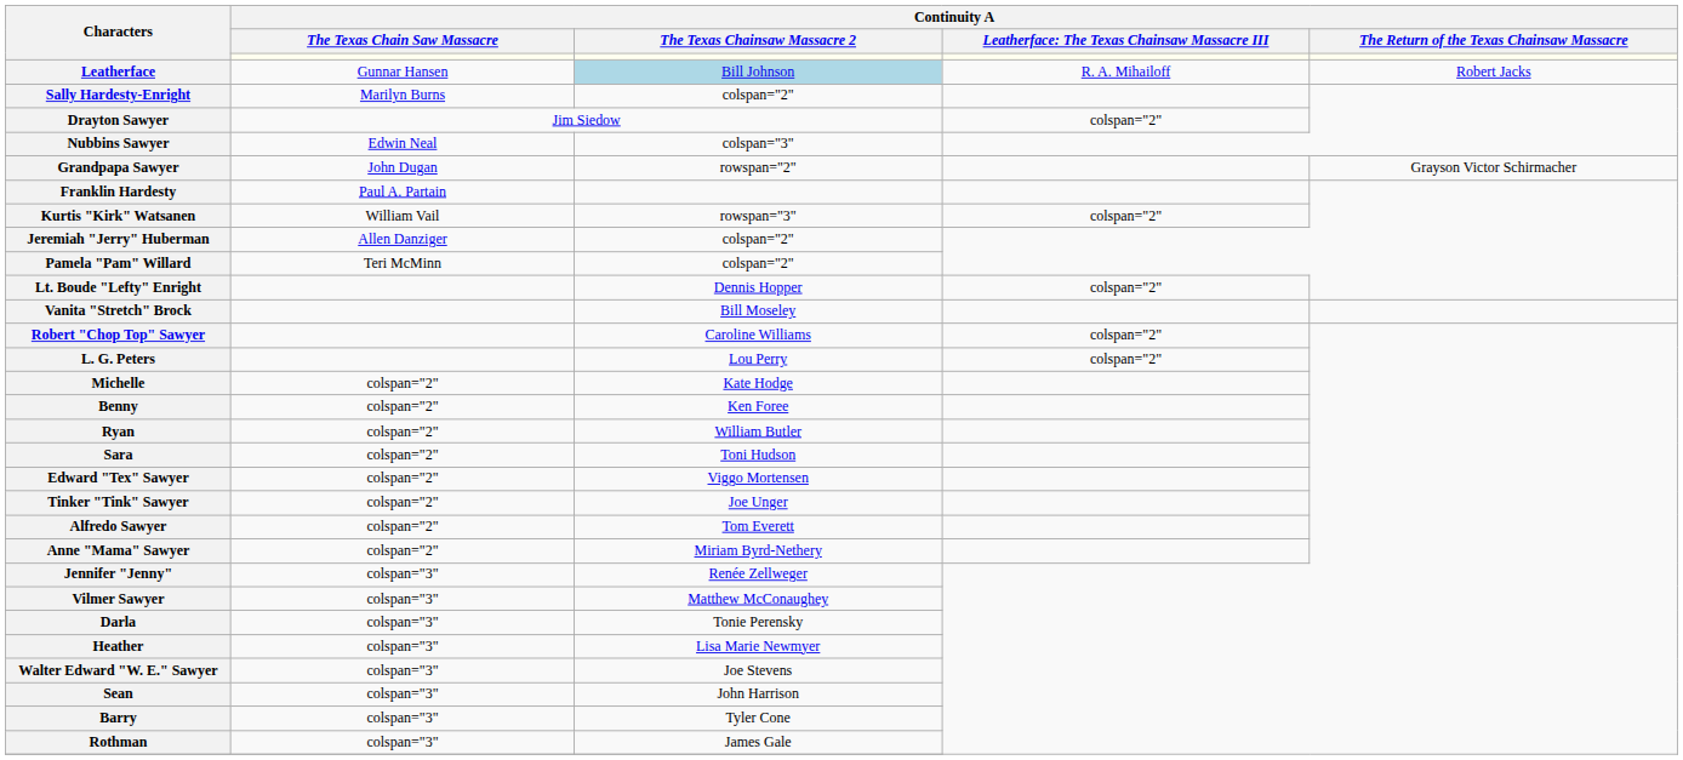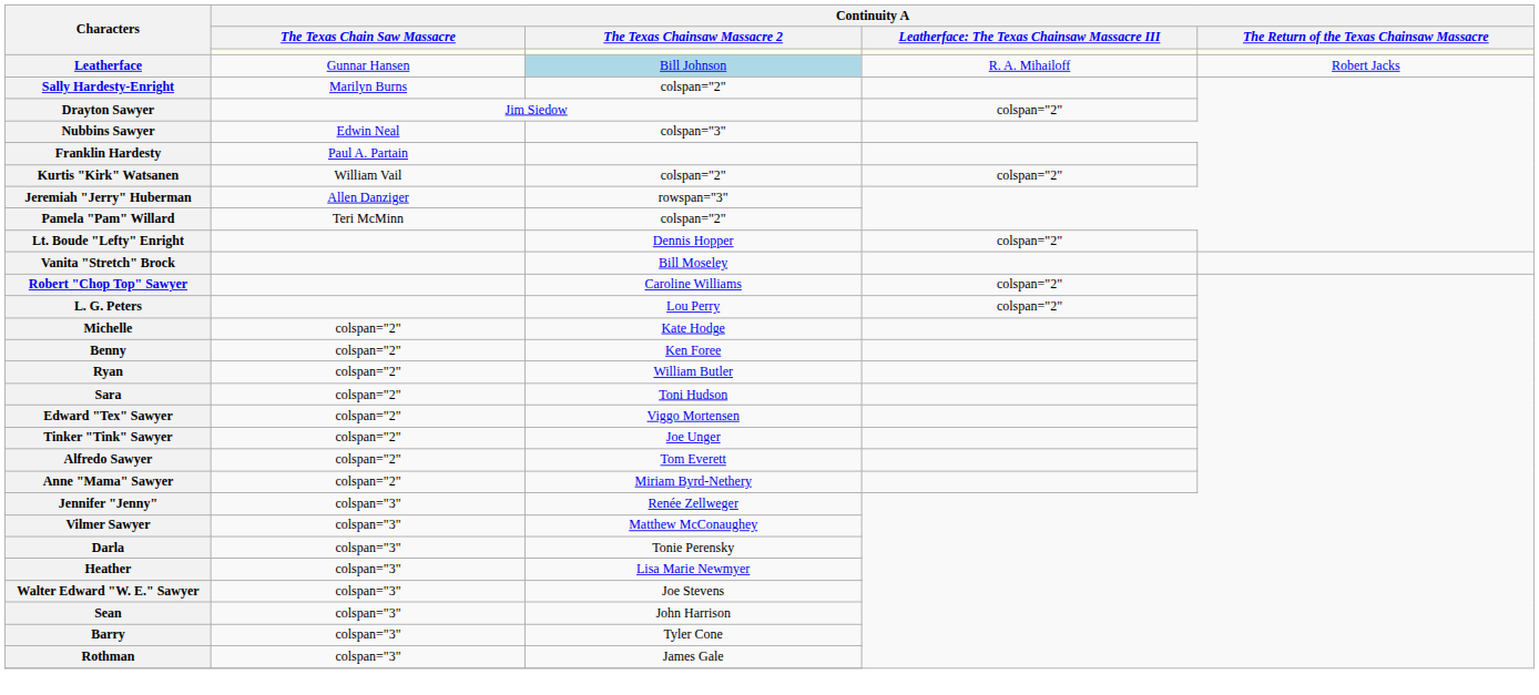 <table class="wikitable" style="text-align:center; width:99%; font-size:85%">
 <tr>
 <th rowspan="3" style="width:9.2%;">Characters</th>
 <th colspan="4" style="text-align:center;">Continuity A</th>
 </tr>
 <tr>
 <th style="text-align:center; width:14%;"><em><a href='#'>The Texas Chain Saw Massacre</a></em></th>
 <th style="text-align:center; width:15%;"><em><a href='#'>The Texas Chainsaw Massacre 2</a></em></th>
 <th style="text-align:center; width:15%;"><em><a href='#'>Leatherface: The Texas Chainsaw Massacre III</a></em></th>
 <th style="text-align:center; width:15%;"><em><a href='#'>The Return of the Texas Chainsaw Massacre</a></em></th>
 </tr>
 <tr>
 <td style="background:ivory;"></td>
 <td style="background:ivory;"></td>
 <td style="background:ivory;"></td>
 <td style="background:ivory;"></td>
 </tr>
 <tr>
 <th><a href='#'>Leatherface<br></a></th>
 <td><a href='#'>Gunnar Hansen</a></td>
 <td style="background: lightblue;"><a href='#'>Bill Johnson</a></td>
 <td><a href='#'>R. A. Mihailoff</a></td>
 <td><a href='#'>Robert Jacks</a></td>
 </tr>
 <tr>
 <th><a href='#'>Sally Hardesty-Enright</a></th>
 <td><a href='#'>Marilyn Burns</a></td>
 <td>colspan="2" </td>
 <td></td>
 </tr>
 <tr>
 <th>Drayton Sawyer</th>
 <td colspan="2"><a href='#'>Jim Siedow</a></td>
 <td>colspan="2" </td>
 </tr>
 <tr>
 <th>Nubbins Sawyer</th>
 <td><a href='#'>Edwin Neal</a></td>
 <td>colspan="3" </td>
 </tr>
 <tr>
-<th>Grandpapa Sawyer</th>
-<td><a href='#'>John Dugan</a></td>
-<td>rowspan="2" </td>
-<td></td>
-<td>Grayson Victor Schirmacher</td>
-</tr>
-<tr>
 <th>Franklin Hardesty</th>
 <td><a href='#'>Paul A. Partain</a></td>
 <td></td>
 <td></td>
 </tr>
 <tr>
 <th>Kurtis "Kirk" Watsanen</th>
 <td>William Vail</td>
-<td>rowspan="3" </td>
+<td>colspan="2" </td>
 <td>colspan="2" </td>
 </tr>
 <tr>
 <th>Jeremiah "Jerry" Huberman</th>
 <td><a href='#'>Allen Danziger</a></td>
-<td>colspan="2" </td>
+<td>rowspan="3" </td>
 </tr>
 <tr>
 <th>Pamela "Pam" Willard</th>
 <td>Teri McMinn</td>
 <td>colspan="2" </td>
 </tr>
 <tr>
 <th>Lt. Boude "Lefty" Enright</th>
 <td></td>
 <td><a href='#'>Dennis Hopper</a></td>
 <td>colspan="2" </td>
 </tr>
 <tr>
 <th>Vanita "Stretch" Brock</th>
 <td></td>
 <td><a href='#'>Bill Moseley</a></td>
 <td></td>
 <td></td>
 </tr>
 <tr>
 <th><a href='#'>Robert "Chop Top" Sawyer</a></th>
 <td></td>
 <td><a href='#'>Caroline Williams</a></td>
 <td>colspan="2" </td>
 </tr>
 <tr>
 <th>L. G. Peters</th>
 <td></td>
 <td><a href='#'>Lou Perry</a></td>
 <td>colspan="2" </td>
 </tr>
 <tr>
 <th>Michelle</th>
 <td>colspan="2" </td>
 <td><a href='#'>Kate Hodge</a></td>
 <td></td>
 </tr>
 <tr>
 <th>Benny</th>
 <td>colspan="2" </td>
 <td><a href='#'>Ken Foree</a></td>
 <td></td>
 </tr>
 <tr>
 <th>Ryan</th>
 <td>colspan="2" </td>
 <td><a href='#'>William Butler</a></td>
 <td></td>
 </tr>
 <tr>
 <th>Sara</th>
 <td>colspan="2" </td>
 <td><a href='#'>Toni Hudson</a></td>
 <td></td>
 </tr>
 <tr>
 <th>Edward "Tex" Sawyer</th>
 <td>colspan="2" </td>
 <td><a href='#'>Viggo Mortensen</a></td>
 <td></td>
 </tr>
 <tr>
 <th>Tinker "Tink" Sawyer</th>
 <td>colspan="2" </td>
 <td><a href='#'>Joe Unger</a></td>
 <td></td>
 </tr>
 <tr>
 <th>Alfredo Sawyer</th>
 <td>colspan="2" </td>
 <td><a href='#'>Tom Everett</a></td>
 <td></td>
 </tr>
 <tr>
 <th>Anne "Mama" Sawyer</th>
 <td>colspan="2" </td>
 <td><a href='#'>Miriam Byrd-Nethery</a></td>
 <td></td>
 </tr>
 <tr>
 <th>Jennifer "Jenny"</th>
 <td>colspan="3" </td>
 <td><a href='#'>Renée Zellweger</a></td>
 </tr>
 <tr>
 <th>Vilmer Sawyer</th>
 <td>colspan="3" </td>
 <td><a href='#'>Matthew McConaughey</a></td>
 </tr>
 <tr>
 <th>Darla</th>
 <td>colspan="3" </td>
 <td>Tonie Perensky</td>
 </tr>
 <tr>
 <th>Heather</th>
 <td>colspan="3" </td>
 <td><a href='#'>Lisa Marie Newmyer</a></td>
 </tr>
 <tr>
 <th>Walter Edward  "W. E." Sawyer</th>
 <td>colspan="3" </td>
 <td>Joe Stevens</td>
 </tr>
 <tr>
 <th>Sean</th>
 <td>colspan="3" </td>
 <td>John Harrison</td>
 </tr>
 <tr>
 <th>Barry</th>
 <td>colspan="3" </td>
 <td>Tyler Cone</td>
 </tr>
 <tr>
 <th>Rothman</th>
 <td>colspan="3" </td>
 <td>James Gale</td>
 </tr>
 <tr>
 </tr>
 </table>
